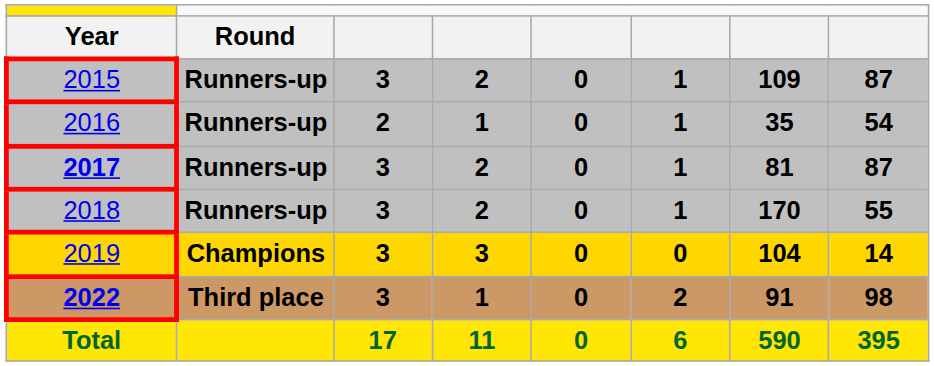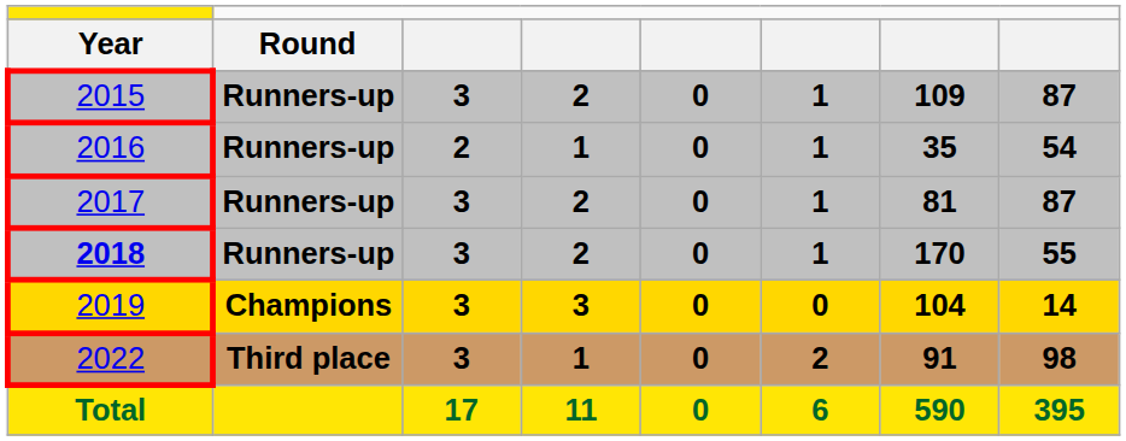 <table class="wikitable" style="text-align:center">
 <tr>
 <th style="background:#FFE605; color:#006629; "> </th>
 </tr>
 <tr>
 <th width=100px scope="col">Year</th>
 <th scope="col">Round</th>
 <th width=55px scope="col"></th>
 <th width=55px scope="col"></th>
 <th width=55px scope="col"></th>
 <th width=55px scope="col"></th>
 <th width=55px scope="col"></th>
 <th width=55px scope="col"></th>
 </tr>
 <tr bgcolor=Silver>
 <td style="border: 3px solid red"> <a href='#'>2015</a></td>
 <td><strong>Runners-up</strong></td>
 <td><strong>3</strong></td>
 <td><strong>2</strong></td>
 <td><strong>0</strong></td>
 <td><strong>1</strong></td>
 <td><strong>109</strong></td>
 <td><strong>87</strong></td>
 </tr>
 <tr bgcolor=Silver>
 <td style="border: 3px solid red"> <a href='#'>2016</a></td>
 <td><strong>Runners-up</strong></td>
 <td><strong>2</strong></td>
 <td><strong>1</strong></td>
 <td><strong>0</strong></td>
 <td><strong>1</strong></td>
 <td><strong>35</strong></td>
 <td><strong>54</strong></td>
 </tr>
 <tr bgcolor=Silver>
-<td style="border: 3px solid red"><strong> <a href='#'>2017</a></strong></td>
+<td style="border: 3px solid red"> <a href='#'>2017</a></td>
 <td><strong>Runners-up</strong></td>
 <td><strong>3</strong></td>
 <td><strong>2</strong></td>
 <td><strong>0</strong></td>
 <td><strong>1</strong></td>
 <td><strong>81</strong></td>
 <td><strong>87</strong></td>
 </tr>
 <tr bgcolor=Silver>
-<td style="border: 3px solid red"> <a href='#'>2018</a></td>
+<td style="border: 3px solid red"><strong> <a href='#'>2018</a></strong></td>
 <td><strong>Runners-up</strong></td>
 <td><strong>3</strong></td>
 <td><strong>2</strong></td>
 <td><strong>0</strong></td>
 <td><strong>1</strong></td>
 <td><strong>170</strong></td>
 <td><strong>55</strong></td>
 </tr>
 <tr style="background:Gold">
 <td style="border: 3px solid red"> <a href='#'>2019</a></td>
 <td><strong>Champions</strong></td>
 <td><strong>3</strong></td>
 <td><strong>3</strong></td>
 <td><strong>0</strong></td>
 <td><strong>0</strong></td>
 <td><strong>104</strong></td>
 <td><strong>14</strong></td>
 </tr>
 <tr style="background:#C96">
-<td style="border: 3px solid red"><strong> <a href='#'>2022</a></strong></td>
+<td style="border: 3px solid red"> <a href='#'>2022</a></td>
 <td><strong>Third place</strong></td>
 <td><strong>3</strong></td>
 <td><strong>1</strong></td>
 <td><strong>0</strong></td>
 <td><strong>2</strong></td>
 <td><strong>91</strong></td>
 <td><strong>98</strong></td>
 </tr>
 <tr>
 <th style="background:#FFE605; color:#006629; ">Total</th>
 <th style="background:#FFE605; color:#006629; "></th>
 <th style="background:#FFE605; color:#006629; ">17</th>
 <th style="background:#FFE605; color:#006629; ">11</th>
 <th style="background:#FFE605; color:#006629; ">0</th>
 <th style="background:#FFE605; color:#006629; ">6</th>
 <th style="background:#FFE605; color:#006629; ">590</th>
 <th style="background:#FFE605; color:#006629; ">395</th>
 </tr>
 </table>
